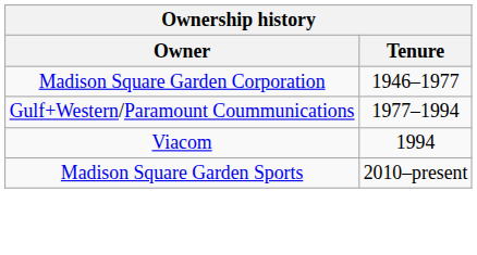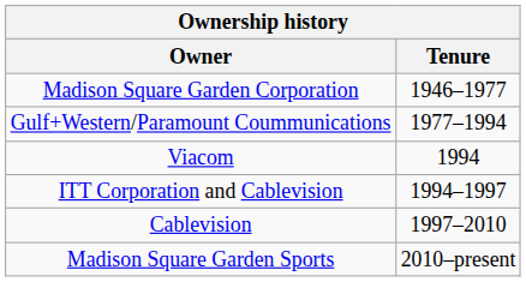 <table class="wikitable" style="text-align:center">
 <tr>
 <th colspan="2">Ownership history</th>
 </tr>
 <tr>
 <th>Owner</th>
 <th>Tenure</th>
 </tr>
 <tr>
 <td><a href='#'>Madison Square Garden Corporation</a></td>
 <td>1946–1977</td>
 </tr>
 <tr>
 <td><a href='#'>Gulf+Western</a>/<a href='#'>Paramount Coummunications</a></td>
 <td>1977–1994</td>
 </tr>
 <tr>
 <td><a href='#'>Viacom</a></td>
 <td>1994</td>
 </tr>
 <tr>
+<td><a href='#'>ITT Corporation</a> and <a href='#'>Cablevision</a></td>
+<td>1994–1997</td>
+</tr>
+<tr>
+<td><a href='#'>Cablevision</a></td>
+<td>1997–2010</td>
+</tr>
+<tr>
 <td><a href='#'>Madison Square Garden Sports</a></td>
 <td>2010–present </td>
 </tr>
 </table>
